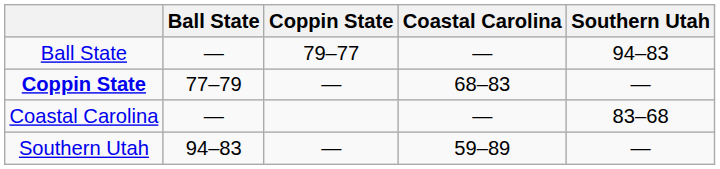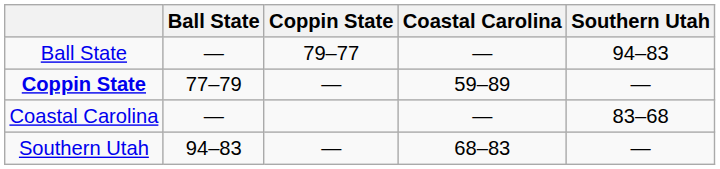 <table class="wikitable" style="text-align:center; font-size:90%;">
 <tr>
 <th></th>
 <th>Ball State</th>
 <th>Coppin State</th>
 <th>Coastal Carolina</th>
 <th>Southern Utah</th>
 </tr>
 <tr>
 <td style="text-align:center;"><a href='#'>Ball State</a></td>
 <td>—</td>
 <td>79–77</td>
 <td>—</td>
 <td>94–83</td>
 </tr>
 <tr>
 <td style="text-align:center;"><strong><a href='#'>Coppin State</a></strong></td>
 <td>77–79</td>
 <td>—</td>
-<td>68–83</td>
+<td>59–89</td>
 <td>—</td>
 </tr>
 <tr>
 <td style="text-align:center;"><a href='#'>Coastal Carolina</a></td>
 <td>—</td>
 <td></td>
 <td>—</td>
 <td>83–68</td>
 </tr>
 <tr>
 <td style="text-align:center;"><a href='#'>Southern Utah</a></td>
 <td>94–83</td>
 <td>—</td>
-<td>59–89</td>
+<td>68–83</td>
 <td>—</td>
 </tr>
 </table>
